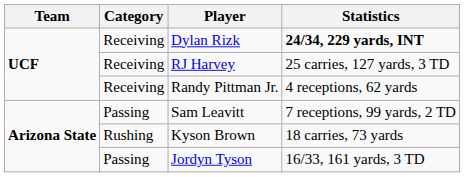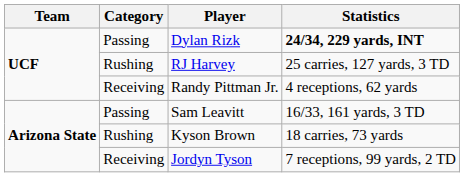 <table class="wikitable" style="float: right;">
 <tr>
 <th>Team</th>
 <th>Category</th>
 <th>Player</th>
 <th>Statistics</th>
 </tr>
 <tr>
 <td rowspan=3><strong>UCF</strong></td>
-<td>Receiving</td>
+<td>Passing</td>
 <td><a href='#'>Dylan Rizk</a></td>
 <td><strong>24/34, 229 yards, INT</strong></td>
 </tr>
 <tr>
-<td>Receiving</td>
+<td>Rushing</td>
 <td><a href='#'>RJ Harvey</a></td>
 <td>25 carries, 127 yards, 3 TD</td>
 </tr>
 <tr>
 <td>Receiving</td>
 <td>Randy Pittman Jr.</td>
 <td>4 receptions, 62 yards</td>
 </tr>
 <tr>
 <td rowspan=3><strong>Arizona State</strong></td>
 <td>Passing</td>
 <td>Sam Leavitt</td>
-<td>7 receptions, 99 yards, 2 TD</td>
+<td>16/33, 161 yards, 3 TD</td>
 </tr>
 <tr>
 <td>Rushing</td>
 <td>Kyson Brown</td>
 <td>18 carries, 73 yards</td>
 </tr>
 <tr>
-<td>Passing</td>
+<td>Receiving</td>
 <td><a href='#'>Jordyn Tyson</a></td>
-<td>16/33, 161 yards, 3 TD</td>
+<td>7 receptions, 99 yards, 2 TD</td>
 </tr>
 </table>
